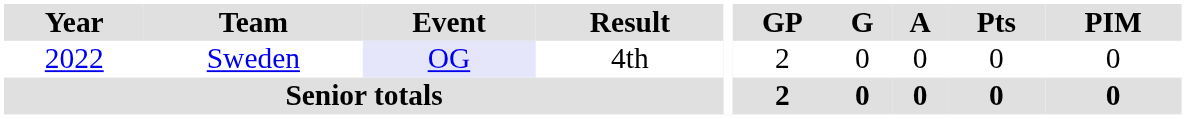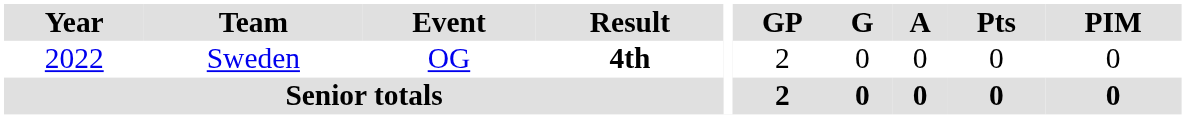 <table border="0" cellpadding="1" cellspacing="0" ID="Table3" style="text-align:center; width:40em">
 <tr ALIGN="center" bgcolor="#e0e0e0">
 <th>Year</th>
 <th>Team</th>
 <th>Event</th>
 <th>Result</th>
 <th rowspan="99" bgcolor="#ffffff"></th>
 <th>GP</th>
 <th>G</th>
 <th>A</th>
 <th>Pts</th>
 <th>PIM</th>
 </tr>
 <tr>
 <td><a href='#'>2022</a></td>
 <td><a href='#'>Sweden</a></td>
-<td style="background: lavender;"><a href='#'>OG</a></td>
-<td>4th</td>
+<td><a href='#'>OG</a></td>
+<td><strong>4th</strong></td>
 <td>2</td>
 <td>0</td>
 <td>0</td>
 <td>0</td>
 <td>0</td>
 </tr>
 <tr bgcolor="#e0e0e0">
 <th colspan="4">Senior totals</th>
 <th>2</th>
 <th>0</th>
 <th>0</th>
 <th>0</th>
 <th>0</th>
 </tr>
 </table>
